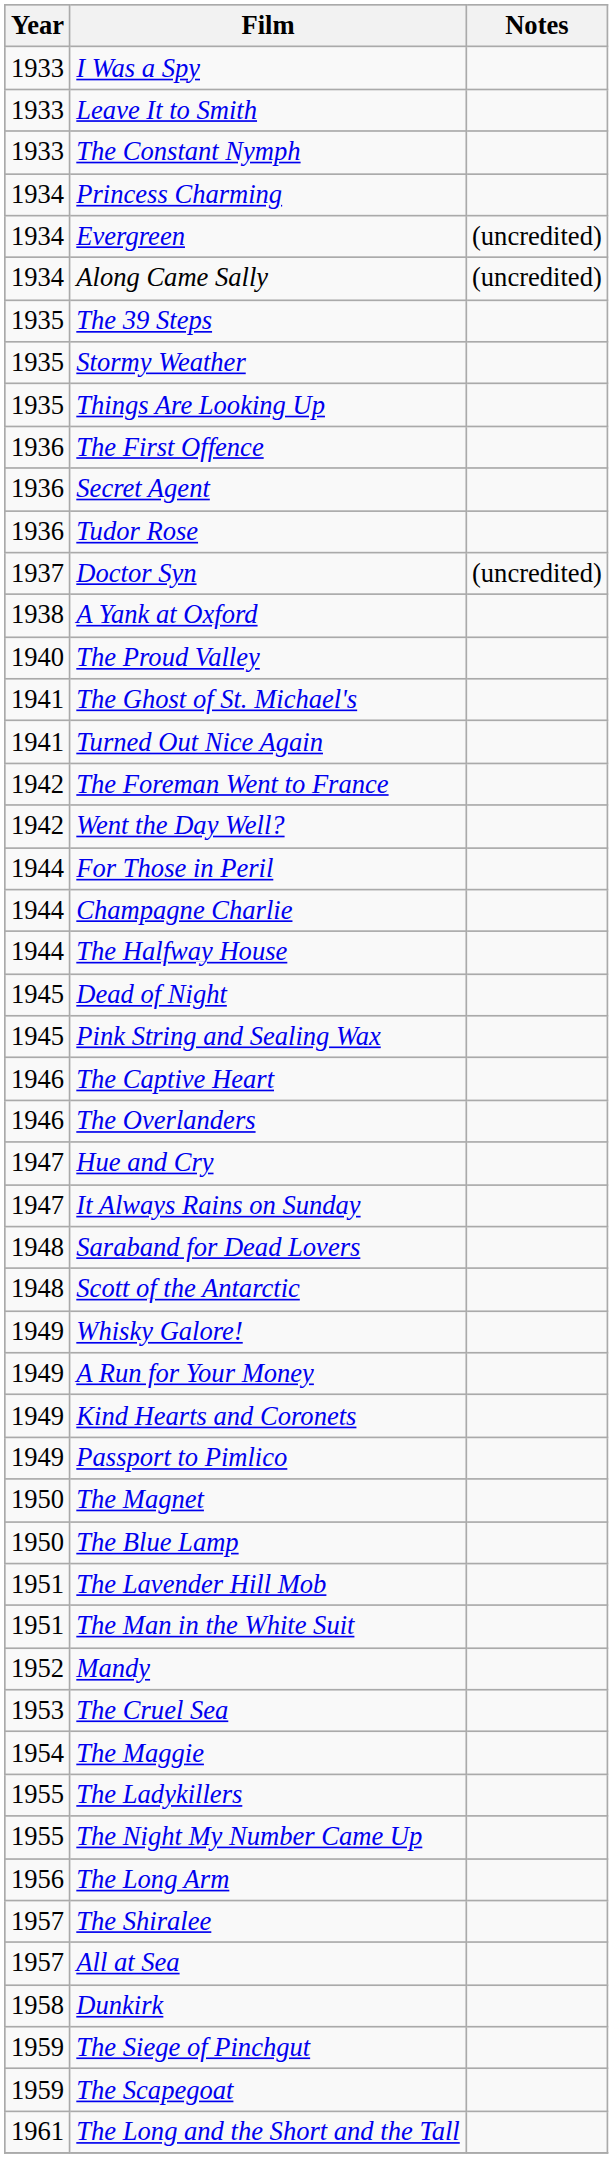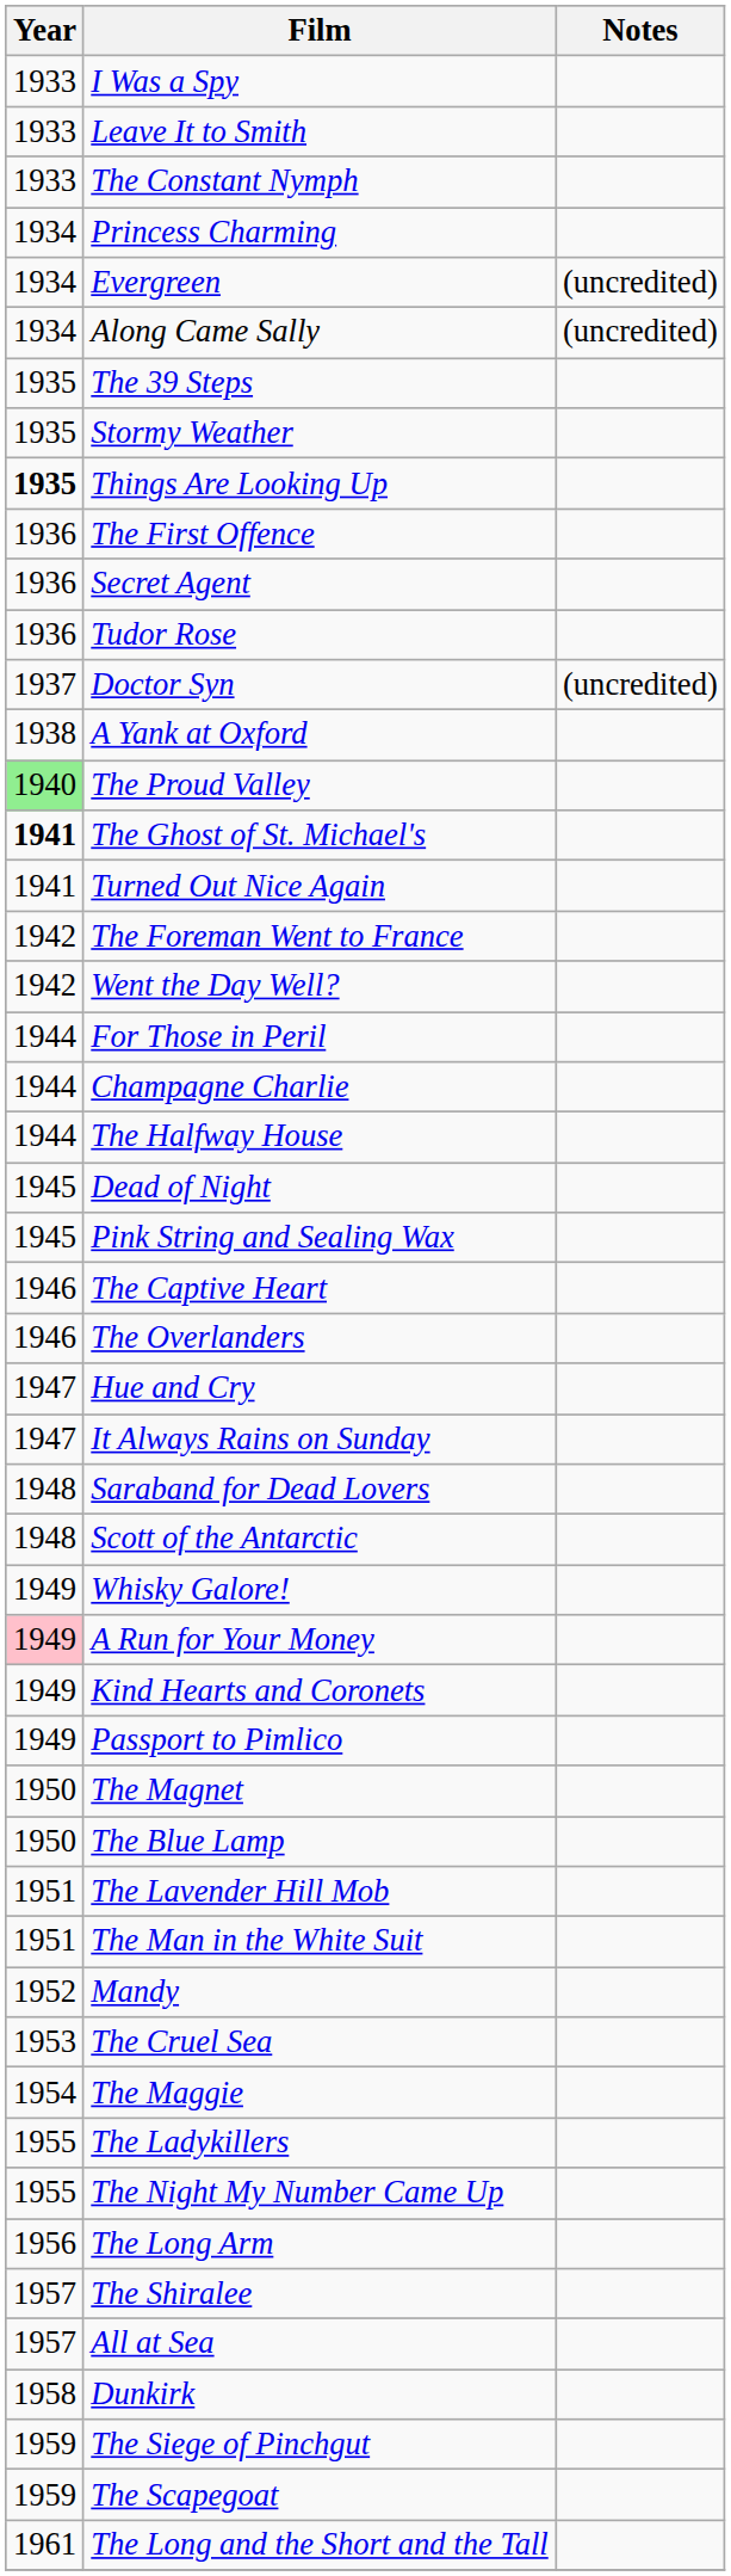 <table class="wikitable sortable">
 <tr>
 <th>Year</th>
 <th>Film</th>
 <th>Notes</th>
 </tr>
 <tr>
 <td>1933</td>
 <td><em><a href='#'>I Was a Spy</a></em></td>
 <td></td>
 </tr>
 <tr>
 <td>1933</td>
 <td><em><a href='#'>Leave It to Smith</a></em></td>
 <td></td>
 </tr>
 <tr>
 <td>1933</td>
 <td><em><a href='#'>The Constant Nymph</a></em></td>
 <td></td>
 </tr>
 <tr>
 <td>1934</td>
 <td><em><a href='#'>Princess Charming</a></em></td>
 <td></td>
 </tr>
 <tr>
 <td>1934</td>
 <td><em><a href='#'>Evergreen</a></em></td>
 <td>(uncredited)</td>
 </tr>
 <tr>
 <td>1934</td>
 <td><em>Along Came Sally</em></td>
 <td>(uncredited)</td>
 </tr>
 <tr>
 <td>1935</td>
 <td><em><a href='#'>The 39 Steps</a></em></td>
 <td></td>
 </tr>
 <tr>
 <td>1935</td>
 <td><em><a href='#'>Stormy Weather</a></em></td>
 <td></td>
 </tr>
 <tr>
-<td>1935</td>
+<td><strong>1935</strong></td>
 <td><em><a href='#'>Things Are Looking Up</a></em></td>
 <td></td>
 </tr>
 <tr>
 <td>1936</td>
 <td><em><a href='#'>The First Offence</a></em></td>
 <td></td>
 </tr>
 <tr>
 <td>1936</td>
 <td><em><a href='#'>Secret Agent</a></em></td>
 <td></td>
 </tr>
 <tr>
 <td>1936</td>
 <td><em><a href='#'>Tudor Rose</a></em></td>
 <td></td>
 </tr>
 <tr>
 <td>1937</td>
 <td><em><a href='#'>Doctor Syn</a></em></td>
 <td>(uncredited)</td>
 </tr>
 <tr>
 <td>1938</td>
 <td><em><a href='#'>A Yank at Oxford</a></em></td>
 <td></td>
 </tr>
 <tr>
-<td>1940</td>
+<td style="background: lightgreen;">1940</td>
 <td><em><a href='#'>The Proud Valley</a></em></td>
 <td></td>
 </tr>
 <tr>
-<td>1941</td>
+<td><strong>1941</strong></td>
 <td><em><a href='#'>The Ghost of St. Michael's</a></em></td>
 <td></td>
 </tr>
 <tr>
 <td>1941</td>
 <td><em><a href='#'>Turned Out Nice Again</a></em></td>
 <td></td>
 </tr>
 <tr>
 <td>1942</td>
 <td><em><a href='#'>The Foreman Went to France</a></em></td>
 <td></td>
 </tr>
 <tr>
 <td>1942</td>
 <td><em><a href='#'>Went the Day Well?</a></em></td>
 <td></td>
 </tr>
 <tr>
 <td>1944</td>
 <td><em><a href='#'>For Those in Peril</a></em></td>
 <td></td>
 </tr>
 <tr>
 <td>1944</td>
 <td><em><a href='#'>Champagne Charlie</a></em></td>
 <td></td>
 </tr>
 <tr>
 <td>1944</td>
 <td><em><a href='#'>The Halfway House</a></em></td>
 <td></td>
 </tr>
 <tr>
 <td>1945</td>
 <td><em><a href='#'>Dead of Night</a></em></td>
 <td></td>
 </tr>
 <tr>
 <td>1945</td>
 <td><em><a href='#'>Pink String and Sealing Wax</a></em></td>
 <td></td>
 </tr>
 <tr>
 <td>1946</td>
 <td><em><a href='#'>The Captive Heart</a></em></td>
 <td></td>
 </tr>
 <tr>
 <td>1946</td>
 <td><em><a href='#'>The Overlanders</a></em></td>
 <td></td>
 </tr>
 <tr>
 <td>1947</td>
 <td><em><a href='#'>Hue and Cry</a></em></td>
 <td></td>
 </tr>
 <tr>
 <td>1947</td>
 <td><em><a href='#'>It Always Rains on Sunday</a></em></td>
 <td></td>
 </tr>
 <tr>
 <td>1948</td>
 <td><em><a href='#'>Saraband for Dead Lovers</a></em></td>
 <td></td>
 </tr>
 <tr>
 <td>1948</td>
 <td><em><a href='#'>Scott of the Antarctic</a></em></td>
 <td></td>
 </tr>
 <tr>
 <td>1949</td>
 <td><em><a href='#'>Whisky Galore!</a></em></td>
 <td></td>
 </tr>
 <tr>
-<td>1949</td>
+<td style="background: pink;">1949</td>
 <td><em><a href='#'>A Run for Your Money</a></em></td>
 <td></td>
 </tr>
 <tr>
 <td>1949</td>
 <td><em><a href='#'>Kind Hearts and Coronets</a></em></td>
 <td></td>
 </tr>
 <tr>
 <td>1949</td>
 <td><em><a href='#'>Passport to Pimlico</a></em></td>
 <td></td>
 </tr>
 <tr>
 <td>1950</td>
 <td><em><a href='#'>The Magnet</a></em></td>
 <td></td>
 </tr>
 <tr>
 <td>1950</td>
 <td><em><a href='#'>The Blue Lamp</a></em></td>
 <td></td>
 </tr>
 <tr>
 <td>1951</td>
 <td><em><a href='#'>The Lavender Hill Mob</a></em></td>
 <td></td>
 </tr>
 <tr>
 <td>1951</td>
 <td><em><a href='#'>The Man in the White Suit</a></em></td>
 <td></td>
 </tr>
 <tr>
 <td>1952</td>
 <td><em><a href='#'>Mandy</a></em></td>
 <td></td>
 </tr>
 <tr>
 <td>1953</td>
 <td><em><a href='#'>The Cruel Sea</a></em></td>
 <td></td>
 </tr>
 <tr>
 <td>1954</td>
 <td><em><a href='#'>The Maggie</a></em></td>
 <td></td>
 </tr>
 <tr>
 <td>1955</td>
 <td><em><a href='#'>The Ladykillers</a></em></td>
 <td></td>
 </tr>
 <tr>
 <td>1955</td>
 <td><em><a href='#'>The Night My Number Came Up</a></em></td>
 <td></td>
 </tr>
 <tr>
 <td>1956</td>
 <td><em><a href='#'>The Long Arm</a></em></td>
 <td></td>
 </tr>
 <tr>
 <td>1957</td>
 <td><em><a href='#'>The Shiralee</a></em></td>
 <td></td>
 </tr>
 <tr>
 <td>1957</td>
 <td><em><a href='#'>All at Sea</a></em></td>
 </tr>
 <tr>
 <td>1958</td>
 <td><em><a href='#'>Dunkirk</a></em></td>
 <td></td>
 </tr>
 <tr>
 <td>1959</td>
 <td><em><a href='#'>The Siege of Pinchgut</a></em></td>
 <td></td>
 </tr>
 <tr>
 <td>1959</td>
 <td><em><a href='#'>The Scapegoat</a></em></td>
 <td></td>
 </tr>
 <tr>
 <td>1961</td>
 <td><em><a href='#'>The Long and the Short and the Tall</a></em></td>
 <td></td>
 </tr>
 <tr>
 </tr>
 </table>
